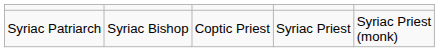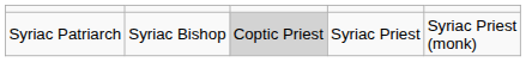 <table class="wikitable">
 <tr>
 <td></td>
 <td></td>
 <td></td>
 <td></td>
 <td></td>
 </tr>
 <tr>
 <td>Syriac Patriarch</td>
 <td>Syriac Bishop</td>
-<td>Coptic Priest</td>
+<td style="background: lightgrey;">Coptic Priest</td>
 <td>Syriac Priest</td>
 <td>Syriac Priest <br> (monk)</td>
 </tr>
 </table>
